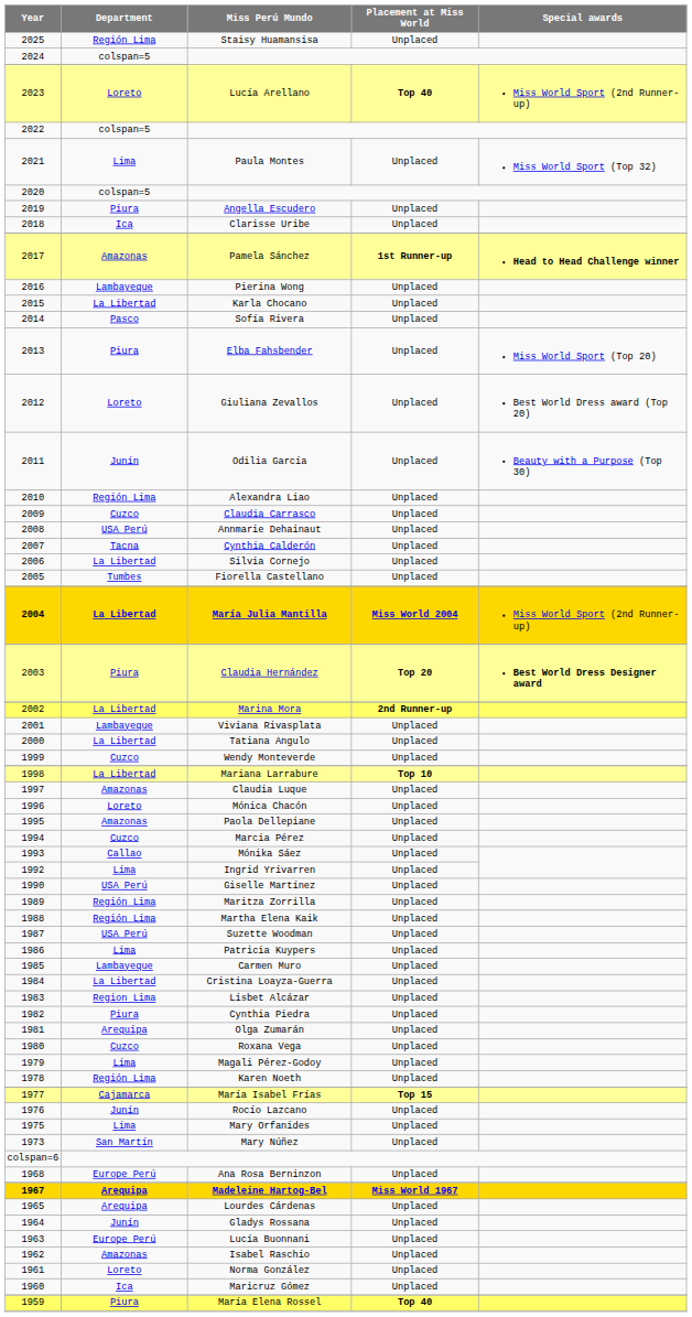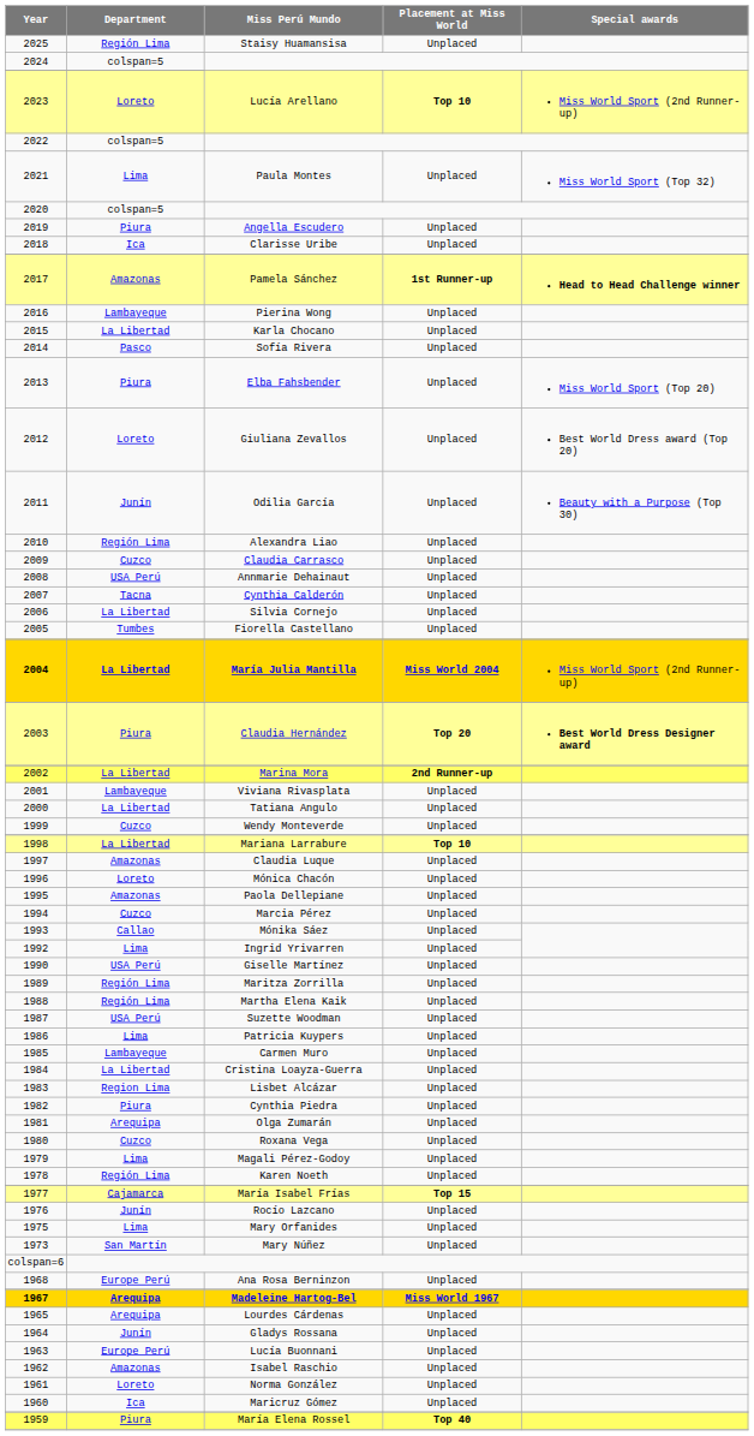 <table class="wikitable " style="font-size: 90%; text-align:center">
 <tr>
 <th width="40" style="background-color:#787878;color:#FFFFFF;">Year</th>
 <th width="150" style="background-color:#787878;color:#FFFFFF;">Department</th>
 <th width="195" style="background-color:#787878;color:#FFFFFF;">Miss Perú Mundo</th>
 <th width="150" style="background-color:#787878;color:#FFFFFF;">Placement at Miss World</th>
 <th width="250" style="background-color:#787878;color:#FFFFFF;">Special awards</th>
 </tr>
 <tr>
 <td>2025</td>
 <td><a href='#'>Región Lima</a></td>
 <td>Staisy Huamansisa</td>
 <td>Unplaced</td>
 <td></td>
 </tr>
 <tr>
 <td>2024</td>
 <td>colspan=5 </td>
 </tr>
 <tr>
 </tr>
 <tr style="background-color:#FFFF99;">
 <td>2023</td>
 <td><a href='#'>Loreto</a></td>
 <td>Lucía Arellano</td>
-<td><strong>Top 40</strong></td>
+<td><strong>Top 10</strong></td>
 <td align="left"><br><ul><li><a href='#'>Miss World Sport</a> (2nd Runner-up)</li></ul></td>
 </tr>
 <tr>
 <td>2022</td>
 <td>colspan=5 </td>
 </tr>
 <tr>
 <td>2021</td>
 <td><a href='#'>Lima</a></td>
 <td>Paula Montes</td>
 <td>Unplaced</td>
 <td align="left"><br><ul><li><a href='#'>Miss World Sport</a> (Top 32)</li></ul></td>
 </tr>
 <tr>
 <td>2020</td>
 <td>colspan=5 </td>
 </tr>
 <tr>
 <td>2019</td>
 <td><a href='#'>Piura</a></td>
 <td><a href='#'>Angella Escudero</a></td>
 <td>Unplaced</td>
 <td></td>
 </tr>
 <tr>
 <td>2018</td>
 <td><a href='#'>Ica</a></td>
 <td>Clarisse Uribe</td>
 <td>Unplaced</td>
 <td></td>
 </tr>
 <tr>
 </tr>
 <tr style="background-color:#FFFF99;">
 <td>2017</td>
 <td><a href='#'>Amazonas</a></td>
 <td>Pamela Sánchez</td>
 <td><strong>1st Runner-up</strong></td>
 <td align="left"><br><ul><li><strong>Head to Head Challenge winner</strong></li></ul></td>
 </tr>
 <tr>
 <td>2016</td>
 <td><a href='#'>Lambayeque</a></td>
 <td>Pierina Wong</td>
 <td>Unplaced</td>
 <td></td>
 </tr>
 <tr>
 <td>2015</td>
 <td><a href='#'>La Libertad</a></td>
 <td>Karla Chocano</td>
 <td>Unplaced</td>
 <td></td>
 </tr>
 <tr>
 <td>2014</td>
 <td><a href='#'>Pasco</a></td>
 <td>Sofía Rivera</td>
 <td>Unplaced</td>
 <td></td>
 </tr>
 <tr>
 <td>2013</td>
 <td><a href='#'>Piura</a></td>
 <td><a href='#'>Elba Fahsbender</a></td>
 <td>Unplaced</td>
 <td align="left"><br><ul><li><a href='#'>Miss World Sport</a> (Top 20)</li></ul></td>
 </tr>
 <tr>
 <td>2012</td>
 <td><a href='#'>Loreto</a></td>
 <td>Giuliana Zevallos</td>
 <td>Unplaced</td>
 <td align="left"><br><ul><li>Best World Dress award (Top 20)</li></ul></td>
 </tr>
 <tr>
 <td>2011</td>
 <td><a href='#'>Junín</a></td>
 <td>Odilia García</td>
 <td>Unplaced</td>
 <td align="left"><br><ul><li><a href='#'>Beauty with a Purpose</a> (Top 30)</li></ul></td>
 </tr>
 <tr>
 <td>2010</td>
 <td><a href='#'>Región Lima</a></td>
 <td>Alexandra Liao</td>
 <td>Unplaced</td>
 <td></td>
 </tr>
 <tr>
 <td>2009</td>
 <td><a href='#'>Cuzco</a></td>
 <td><a href='#'>Claudia Carrasco</a></td>
 <td>Unplaced</td>
 <td></td>
 </tr>
 <tr>
 <td>2008</td>
 <td><a href='#'>USA Perú</a></td>
 <td>Annmarie Dehainaut</td>
 <td>Unplaced</td>
 <td></td>
 </tr>
 <tr>
 <td>2007</td>
 <td><a href='#'>Tacna</a></td>
 <td><a href='#'>Cynthia Calderón</a></td>
 <td>Unplaced</td>
 <td></td>
 </tr>
 <tr>
 <td>2006</td>
 <td><a href='#'>La Libertad</a></td>
 <td>Silvia Cornejo</td>
 <td>Unplaced</td>
 <td></td>
 </tr>
 <tr>
 <td>2005</td>
 <td><a href='#'>Tumbes</a></td>
 <td>Fiorella Castellano</td>
 <td>Unplaced</td>
 <td></td>
 </tr>
 <tr>
 </tr>
 <tr style="background-color:GOLD">
 <td><strong>2004</strong></td>
 <td><strong><a href='#'>La Libertad</a></strong></td>
 <td><strong><a href='#'>María Julia Mantilla</a></strong></td>
 <td><strong><a href='#'>Miss World 2004</a></strong></td>
 <td align="left"><br><ul><li><a href='#'>Miss World Sport</a> (2nd Runner-up)</li></ul></td>
 </tr>
 <tr>
 </tr>
 <tr style="background-color:#FFFF99;">
 <td>2003</td>
 <td><a href='#'>Piura</a></td>
 <td><a href='#'>Claudia Hernández</a></td>
 <td><strong>Top 20</strong></td>
 <td align="left"><br><ul><li><strong>Best World Dress Designer award</strong></li></ul></td>
 </tr>
 <tr>
 </tr>
 <tr style="background-color:#FFFF66; ">
 <td>2002</td>
 <td><a href='#'>La Libertad</a></td>
 <td><a href='#'>Marina Mora</a></td>
 <td><strong>2nd Runner-up</strong></td>
 <td></td>
 </tr>
 <tr>
 <td>2001</td>
 <td><a href='#'>Lambayeque</a></td>
 <td>Viviana Rivasplata</td>
 <td>Unplaced</td>
 <td></td>
 </tr>
 <tr>
 <td>2000</td>
 <td><a href='#'>La Libertad</a></td>
 <td>Tatiana Angulo</td>
 <td>Unplaced</td>
 <td></td>
 </tr>
 <tr>
 <td>1999</td>
 <td><a href='#'>Cuzco</a></td>
 <td>Wendy Monteverde</td>
 <td>Unplaced</td>
 <td></td>
 </tr>
 <tr>
 </tr>
 <tr style="background-color:#FFFF99;">
 <td>1998</td>
 <td><a href='#'>La Libertad</a></td>
 <td>Mariana Larrabure</td>
 <td><strong>Top 10</strong></td>
 <td></td>
 </tr>
 <tr>
 <td>1997</td>
 <td><a href='#'>Amazonas</a></td>
 <td>Claudia Luque</td>
 <td>Unplaced</td>
 <td></td>
 </tr>
 <tr>
 <td>1996</td>
 <td><a href='#'>Loreto</a></td>
 <td>Mónica Chacón</td>
 <td>Unplaced</td>
 <td></td>
 </tr>
 <tr>
 <td>1995</td>
 <td><a href='#'>Amazonas</a></td>
 <td>Paola Dellepiane</td>
 <td>Unplaced</td>
 <td></td>
 </tr>
 <tr>
 <td>1994</td>
 <td><a href='#'>Cuzco</a></td>
 <td>Marcia Pérez</td>
 <td>Unplaced</td>
 <td></td>
 </tr>
 <tr>
 <td>1993</td>
 <td><a href='#'>Callao</a></td>
 <td>Mónika Sáez</td>
 <td>Unplaced</td>
 </tr>
 <tr>
 <td>1992</td>
 <td><a href='#'>Lima</a></td>
 <td>Ingrid Yrivarren</td>
 <td>Unplaced</td>
 </tr>
 <tr>
 <td>1990</td>
 <td><a href='#'>USA Perú</a></td>
 <td>Giselle Martínez</td>
 <td>Unplaced</td>
 <td></td>
 </tr>
 <tr>
 <td>1989</td>
 <td><a href='#'>Región Lima</a></td>
 <td>Maritza Zorrilla</td>
 <td>Unplaced</td>
 <td></td>
 </tr>
 <tr>
 <td>1988</td>
 <td><a href='#'>Región Lima</a></td>
 <td>Martha Elena Kaik</td>
 <td>Unplaced</td>
 <td></td>
 </tr>
 <tr>
 <td>1987</td>
 <td><a href='#'>USA Perú</a></td>
 <td>Suzette Woodman</td>
 <td>Unplaced</td>
 <td></td>
 </tr>
 <tr>
 <td>1986</td>
 <td><a href='#'>Lima</a></td>
 <td>Patricia Kuypers</td>
 <td>Unplaced</td>
 <td></td>
 </tr>
 <tr>
 <td>1985</td>
 <td><a href='#'>Lambayeque</a></td>
 <td>Carmen Muro</td>
 <td>Unplaced</td>
 <td></td>
 </tr>
 <tr>
 <td>1984</td>
 <td><a href='#'>La Libertad</a></td>
 <td>Cristina Loayza-Guerra</td>
 <td>Unplaced</td>
 <td></td>
 </tr>
 <tr>
 <td>1983</td>
 <td><a href='#'>Region Lima</a></td>
 <td>Lisbet Alcázar</td>
 <td>Unplaced</td>
 <td></td>
 </tr>
 <tr>
 <td>1982</td>
 <td><a href='#'>Piura</a></td>
 <td>Cynthia Piedra</td>
 <td>Unplaced</td>
 <td></td>
 </tr>
 <tr>
 <td>1981</td>
 <td><a href='#'>Arequipa</a></td>
 <td>Olga Zumarán</td>
 <td>Unplaced</td>
 <td></td>
 </tr>
 <tr>
 <td>1980</td>
 <td><a href='#'>Cuzco</a></td>
 <td>Roxana Vega</td>
 <td>Unplaced</td>
 <td></td>
 </tr>
 <tr>
 <td>1979</td>
 <td><a href='#'>Lima</a></td>
 <td>Magali Pérez-Godoy</td>
 <td>Unplaced</td>
 <td></td>
 </tr>
 <tr>
 <td>1978</td>
 <td><a href='#'>Región Lima</a></td>
 <td>Karen Noeth</td>
 <td>Unplaced</td>
 <td></td>
 </tr>
 <tr>
 </tr>
 <tr style="background-color:#FFFF99;">
 <td>1977</td>
 <td><a href='#'>Cajamarca</a></td>
 <td>María Isabel Frías</td>
 <td><strong>Top 15</strong></td>
 <td></td>
 </tr>
 <tr>
 <td>1976</td>
 <td><a href='#'>Junín</a></td>
 <td>Rocío Lazcano</td>
 <td>Unplaced</td>
 <td></td>
 </tr>
 <tr>
 <td>1975</td>
 <td><a href='#'>Lima</a></td>
 <td>Mary Orfanides</td>
 <td>Unplaced</td>
 <td></td>
 </tr>
 <tr>
 <td>1973</td>
 <td><a href='#'>San Martín</a></td>
 <td>Mary Núñez</td>
 <td>Unplaced</td>
 <td></td>
 </tr>
 <tr>
 <td>colspan=6 </td>
 </tr>
 <tr>
 <td>1968</td>
 <td><a href='#'>Europe Perú</a></td>
 <td>Ana Rosa Berninzon</td>
 <td>Unplaced</td>
 <td></td>
 </tr>
 <tr>
 </tr>
 <tr style="background-color:GOLD; font-weight: bold">
 <td>1967</td>
 <td><a href='#'>Arequipa</a></td>
 <td><a href='#'>Madeleine Hartog-Bel</a></td>
 <td><a href='#'>Miss World 1967</a></td>
 <td></td>
 </tr>
 <tr>
 <td>1965</td>
 <td><a href='#'>Arequipa</a></td>
 <td>Lourdes Cárdenas</td>
 <td>Unplaced</td>
 <td></td>
 </tr>
 <tr>
 <td>1964</td>
 <td><a href='#'>Junín</a></td>
 <td>Gladys Rossana</td>
 <td>Unplaced</td>
 <td></td>
 </tr>
 <tr>
 <td>1963</td>
 <td><a href='#'>Europe Perú</a></td>
 <td>Lucía Buonnani</td>
 <td>Unplaced</td>
 <td></td>
 </tr>
 <tr>
 <td>1962</td>
 <td><a href='#'>Amazonas</a></td>
 <td>Isabel Raschio</td>
 <td>Unplaced</td>
 <td></td>
 </tr>
 <tr>
 <td>1961</td>
 <td><a href='#'>Loreto</a></td>
 <td>Norma González</td>
 <td>Unplaced</td>
 <td></td>
 </tr>
 <tr>
 <td>1960</td>
 <td><a href='#'>Ica</a></td>
 <td>Maricruz Gómez</td>
 <td>Unplaced</td>
 <td></td>
 </tr>
 <tr>
 </tr>
 <tr style="background-color:#FFFF66;">
 <td>1959</td>
 <td><a href='#'>Piura</a></td>
 <td>María Elena Rossel</td>
 <td><strong>Top 40</strong></td>
 <td></td>
 </tr>
 <tr>
 </tr>
 </table>
